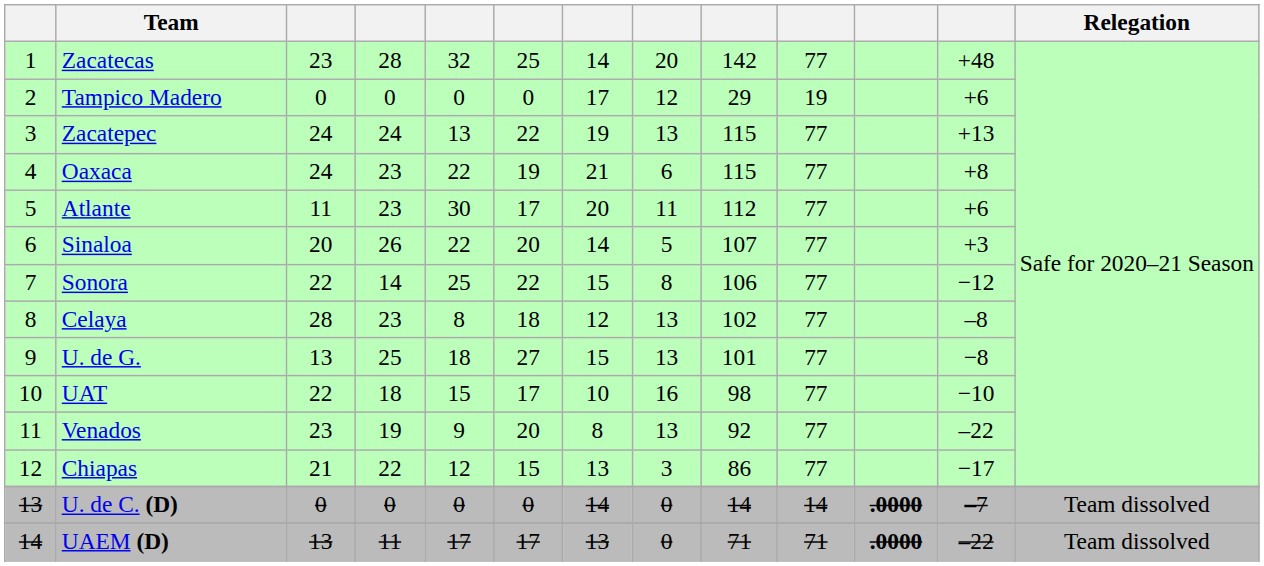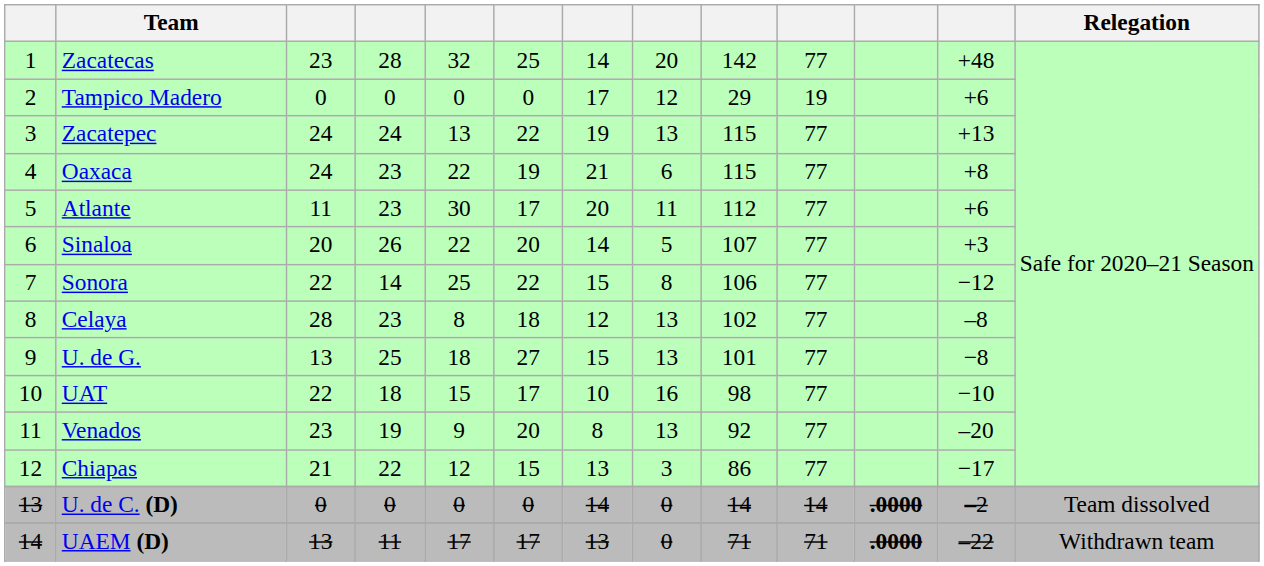 <table class="wikitable sortable" style="text-align: center;">
 <tr>
 <th width=28><br></th>
 <th width=150>Team</th>
 <th width=40></th>
 <th width=40></th>
 <th width=40></th>
 <th width=40></th>
 <th width=40></th>
 <th width=40></th>
 <th width=45></th>
 <th width=45></th>
 <th width=50><br></th>
 <th width=45><br></th>
 <th>Relegation</th>
 </tr>
 <tr style="text-align:center; background:#BBFFBB;">
 <td>1</td>
 <td align=left><a href='#'>Zacatecas</a></td>
 <td>23</td>
 <td>28</td>
 <td>32</td>
 <td>25</td>
 <td>14</td>
 <td>20</td>
 <td>142</td>
 <td>77</td>
 <td><strong></strong></td>
 <td>+48</td>
 <td align=center rowspan=12>Safe for 2020–21 Season</td>
 </tr>
 <tr style="text-align:center; background:#BBFFBB;">
 <td>2</td>
 <td align=left><a href='#'>Tampico Madero</a></td>
 <td>0</td>
 <td>0</td>
 <td>0</td>
 <td>0</td>
 <td>17</td>
 <td>12</td>
 <td>29</td>
 <td>19</td>
 <td><strong></strong></td>
 <td>+6</td>
 </tr>
 <tr style="text-align:center; background:#BBFFBB;">
 <td>3</td>
 <td align=left><a href='#'>Zacatepec</a></td>
 <td>24</td>
 <td>24</td>
 <td>13</td>
 <td>22</td>
 <td>19</td>
 <td>13</td>
 <td>115</td>
 <td>77</td>
 <td><strong></strong></td>
 <td>+13</td>
 </tr>
 <tr style="text-align:center; background:#BBFFBB;">
 <td>4</td>
 <td align=left><a href='#'>Oaxaca</a></td>
 <td>24</td>
 <td>23</td>
 <td>22</td>
 <td>19</td>
 <td>21</td>
 <td>6</td>
 <td>115</td>
 <td>77</td>
 <td><strong></strong></td>
 <td>+8</td>
 </tr>
 <tr style="text-align:center; background:#BBFFBB;">
 <td>5</td>
 <td align=left><a href='#'>Atlante</a></td>
 <td>11</td>
 <td>23</td>
 <td>30</td>
 <td>17</td>
 <td>20</td>
 <td>11</td>
 <td>112</td>
 <td>77</td>
 <td><strong></strong></td>
 <td>+6</td>
 </tr>
 <tr style="text-align:center; background:#BBFFBB;">
 <td>6</td>
 <td align=left><a href='#'>Sinaloa</a></td>
 <td>20</td>
 <td>26</td>
 <td>22</td>
 <td>20</td>
 <td>14</td>
 <td>5</td>
 <td>107</td>
 <td>77</td>
 <td><strong></strong></td>
 <td>+3</td>
 </tr>
 <tr style="text-align:center; background:#BBFFBB;">
 <td>7</td>
 <td align=left><a href='#'>Sonora</a></td>
 <td>22</td>
 <td>14</td>
 <td>25</td>
 <td>22</td>
 <td>15</td>
 <td>8</td>
 <td>106</td>
 <td>77</td>
 <td><strong></strong></td>
 <td>−12</td>
 </tr>
 <tr style="text-align:center; background:#BBFFBB;">
 <td>8</td>
 <td align=left><a href='#'>Celaya</a></td>
 <td>28</td>
 <td>23</td>
 <td>8</td>
 <td>18</td>
 <td>12</td>
 <td>13</td>
 <td>102</td>
 <td>77</td>
 <td><strong></strong></td>
 <td>–8</td>
 </tr>
 <tr style="text-align:center; background:#BBFFBB;">
 <td>9</td>
 <td align=left><a href='#'>U. de G.</a></td>
 <td>13</td>
 <td>25</td>
 <td>18</td>
 <td>27</td>
 <td>15</td>
 <td>13</td>
 <td>101</td>
 <td>77</td>
 <td><strong></strong></td>
 <td>−8</td>
 </tr>
 <tr style="text-align:center; background:#BBFFBB;">
 <td>10</td>
 <td align=left><a href='#'>UAT</a></td>
 <td>22</td>
 <td>18</td>
 <td>15</td>
 <td>17</td>
 <td>10</td>
 <td>16</td>
 <td>98</td>
 <td>77</td>
 <td><strong></strong></td>
 <td>−10</td>
 </tr>
 <tr style="text-align:center; background:#BBFFBB;">
 <td>11</td>
 <td align=left><a href='#'>Venados</a></td>
 <td>23</td>
 <td>19</td>
 <td>9</td>
 <td>20</td>
 <td>8</td>
 <td>13</td>
 <td>92</td>
 <td>77</td>
 <td><strong></strong></td>
-<td>–22</td>
+<td>–20</td>
 </tr>
 <tr style="text-align:center; background:#BBFFBB;">
 <td>12</td>
 <td align=left><a href='#'>Chiapas</a></td>
 <td>21</td>
 <td>22</td>
 <td>12</td>
 <td>15</td>
 <td>13</td>
 <td>3</td>
 <td>86</td>
 <td>77</td>
 <td><strong></strong></td>
 <td>−17</td>
 </tr>
 <tr>
 </tr>
 <tr style="text-align:center;background:#BBBBBB;">
 <td><s>13</s></td>
 <td align=left><a href='#'>U. de C.</a> <strong>(D)</strong></td>
 <td><s>0</s></td>
 <td><s>0</s></td>
 <td><s>0</s></td>
 <td><s>0</s></td>
 <td><s>14</s></td>
 <td><s>0</s></td>
 <td><s>14</s></td>
 <td><s>14</s></td>
 <td><strong><s>.0000</s></strong></td>
-<td><s>–7</s></td>
+<td><s>–2</s></td>
 <td align=center rowspan=1>Team dissolved</td>
 </tr>
 <tr>
 </tr>
 <tr style="text-align:center;background:#BBBBBB;">
 <td><s>14</s></td>
 <td align=left><a href='#'>UAEM</a> <strong>(D)</strong></td>
 <td><s>13</s></td>
 <td><s>11</s></td>
 <td><s>17</s></td>
 <td><s>17</s></td>
 <td><s>13</s></td>
 <td><s>0</s></td>
 <td><s>71</s></td>
 <td><s>71</s></td>
 <td><strong><s>.0000</s></strong></td>
 <td><s>–22</s></td>
-<td align=center rowspan=1>Team dissolved</td>
+<td align=center rowspan=1>Withdrawn team</td>
 </tr>
 </table>
